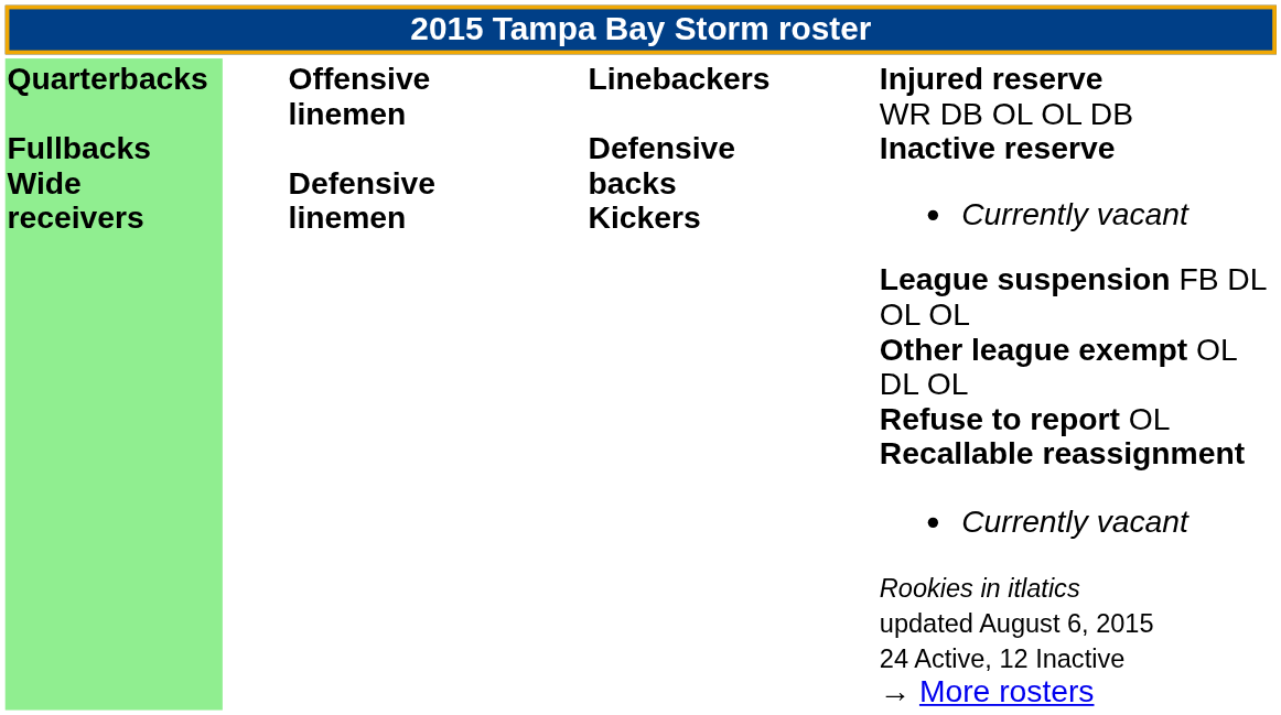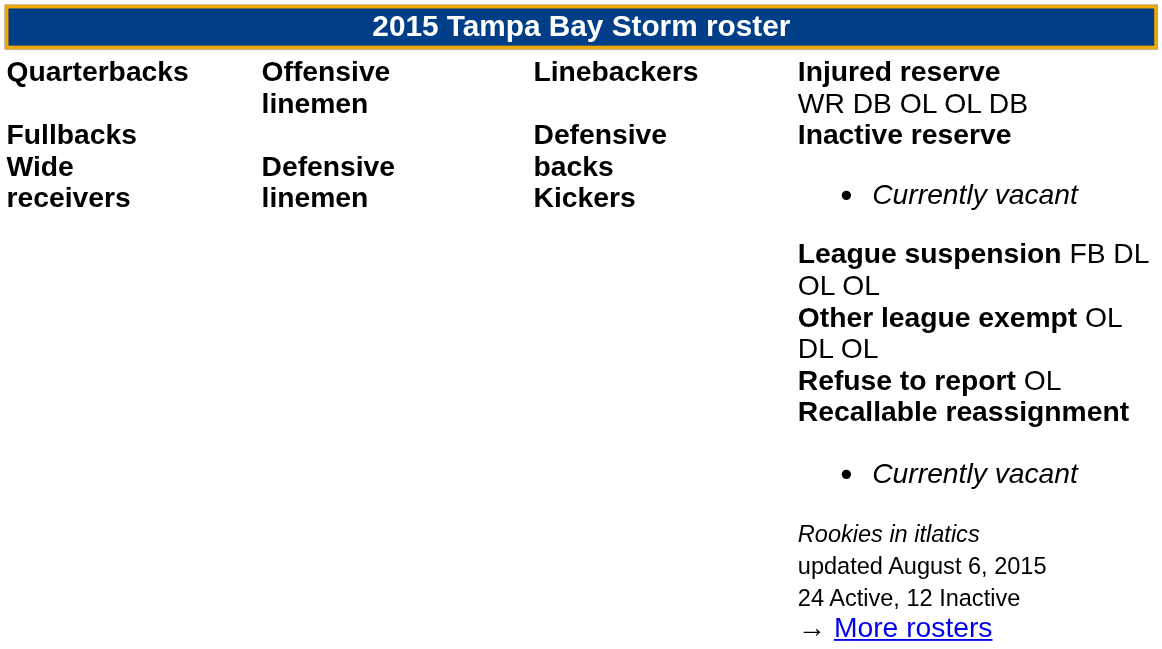 <table class="toccolours" style="text-align: left;">
 <tr>
 <th colspan=7 style="background:#003F87; border: 2px solid #F0A804; color:white; text-align:center;"><strong>2015 Tampa Bay Storm roster</strong></th>
 </tr>
 <tr>
-<td style="background: lightgreen; font-size: 95%;vertical-align:top;"><strong>Quarterbacks</strong><br> <br><strong>Fullbacks</strong> <br><strong>Wide receivers</strong>     </td>
+<td style="font-size: 95%;vertical-align:top;"><strong>Quarterbacks</strong><br> <br><strong>Fullbacks</strong> <br><strong>Wide receivers</strong>     </td>
 <td style="width: 25px;"></td>
 <td style="font-size: 95%;vertical-align:top;"><strong>Offensive linemen</strong><br>    <br><strong>Defensive linemen</strong>       </td>
 <td style="width: 25px;"></td>
 <td style="font-size: 95%;vertical-align:top;"><strong>Linebackers</strong><br><br><strong>Defensive backs</strong>    <br><strong>Kickers</strong> </td>
 <td style="width: 25px;"></td>
 <td style="font-size: 95%;vertical-align:top;"><strong>Injured reserve</strong><br> WR  DB  OL  OL  DB<br><strong>Inactive reserve</strong><ul><li><em>Currently vacant</em></li></ul><strong>League suspension</strong>  FB  DL  OL  OL<br><strong>Other league exempt</strong>  OL  DL  OL<br><strong>Refuse to report</strong>  OL<br><strong>Recallable reassignment</strong><ul><li><em>Currently vacant</em></li></ul><small><em>Rookies in itlatics</em><br> <span></span> updated August 6, 2015<br> 24 Active, 12 Inactive</small><br>→ <a href='#'>More rosters</a></td>
 </tr>
 <tr>
 </tr>
 </table>
